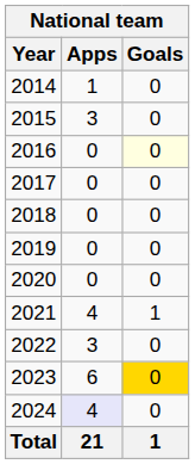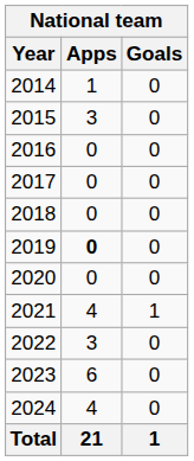 <table class="wikitable" style="text-align:center">
 <tr>
 <th colspan=3>National team</th>
 </tr>
 <tr>
 <th>Year</th>
 <th>Apps</th>
 <th>Goals</th>
 </tr>
 <tr>
 <td>2014</td>
 <td>1</td>
 <td>0</td>
 </tr>
 <tr>
 <td>2015</td>
 <td>3</td>
 <td>0</td>
 </tr>
 <tr>
 <td>2016</td>
 <td>0</td>
-<td style="background: lightyellow;">0</td>
+<td>0</td>
 </tr>
 <tr>
 <td>2017</td>
 <td>0</td>
 <td>0</td>
 </tr>
 <tr>
 <td>2018</td>
 <td>0</td>
 <td>0</td>
 </tr>
 <tr>
 <td>2019</td>
-<td>0</td>
+<td><strong>0</strong></td>
 <td>0</td>
 </tr>
 <tr>
 <td>2020</td>
 <td>0</td>
 <td>0</td>
 </tr>
 <tr>
 <td>2021</td>
 <td>4</td>
 <td>1</td>
 </tr>
 <tr>
 <td>2022</td>
 <td>3</td>
 <td>0</td>
 </tr>
 <tr>
 <td>2023</td>
 <td>6</td>
-<td style="background: gold;">0</td>
+<td>0</td>
 </tr>
 <tr>
 <td>2024</td>
-<td style="background: lavender;">4</td>
+<td>4</td>
 <td>0</td>
 </tr>
 <tr>
 <th>Total</th>
 <th>21</th>
 <th>1</th>
 </tr>
 </table>
